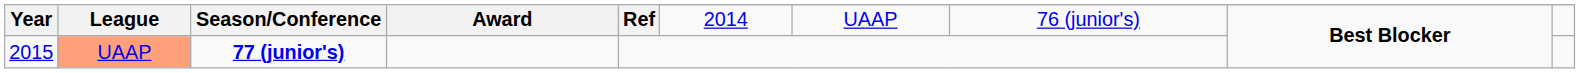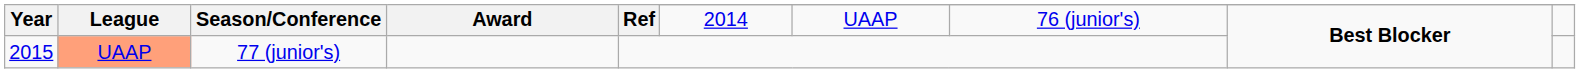 <table class="wikitable sortable" style="text-align:center" width="80%">
 <tr>
 <th style="width:25px;" rowspan="2">Year</th>
 <th style="width:100px;" rowspan="2">League</th>
 <th style="width:150px;" rowspan="2">Season/Conference</th>
 <th style="width:180px;" rowspan="2">Award</th>
 <th style="width:25px;" rowspan="2">Ref</th>
 </tr>
 <tr>
 <td><a href='#'>2014</a></td>
 <td><a href='#'>UAAP</a></td>
 <td><a href='#'>76 (junior's)</a></td>
 <td rowspan="2"><strong>Best Blocker</strong></td>
 <td></td>
 </tr>
 <tr>
 <td><a href='#'>2015</a></td>
 <td style="background: lightsalmon;"><a href='#'>UAAP</a></td>
-<td><strong><a href='#'>77 (junior's)</a></strong></td>
+<td><a href='#'>77 (junior's)</a></td>
 <td></td>
 </tr>
 </table>
